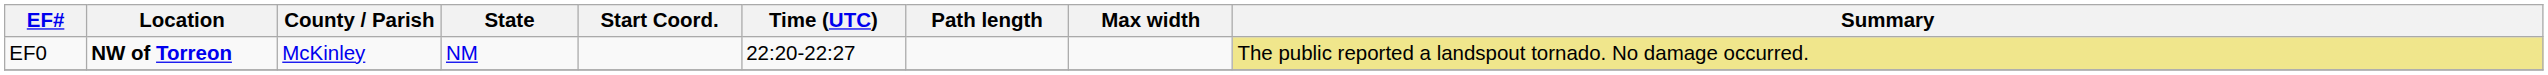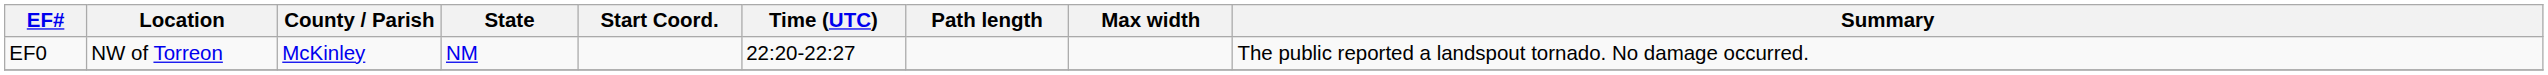 <table class="wikitable sortable" style="width:100%;">
 <tr>
 <th scope="col"  style="width:3%; text-align:center;"><a href='#'>EF#</a></th>
 <th scope="col"  style="width:7%; text-align:center;" class="unsortable">Location</th>
 <th scope="col"  style="width:6%; text-align:center;" class="unsortable">County / Parish</th>
 <th scope="col"  style="width:5%; text-align:center;">State</th>
 <th scope="col"  style="width:6%; text-align:center;">Start Coord.</th>
 <th scope="col"  style="width:6%; text-align:center;">Time (<a href='#'>UTC</a>)</th>
 <th scope="col"  style="width:6%; text-align:center;">Path length</th>
 <th scope="col"  style="width:6%; text-align:center;">Max width</th>
 <th scope="col" class="unsortable" style="width:48%; text-align:center;">Summary</th>
 </tr>
 <tr>
 <td bgcolor=>EF0</td>
-<td><strong>NW of <a href='#'>Torreon</a></strong></td>
+<td>NW of <a href='#'>Torreon</a></td>
 <td><a href='#'>McKinley</a></td>
 <td><a href='#'>NM</a></td>
 <td></td>
 <td>22:20-22:27</td>
 <td></td>
 <td></td>
-<td style="background: khaki;">The public reported a landspout tornado. No damage occurred.</td>
+<td>The public reported a landspout tornado. No damage occurred.</td>
 </tr>
 <tr>
 </tr>
 </table>
